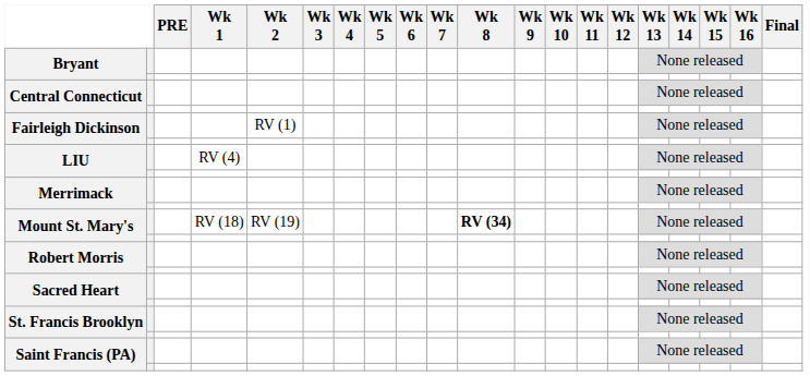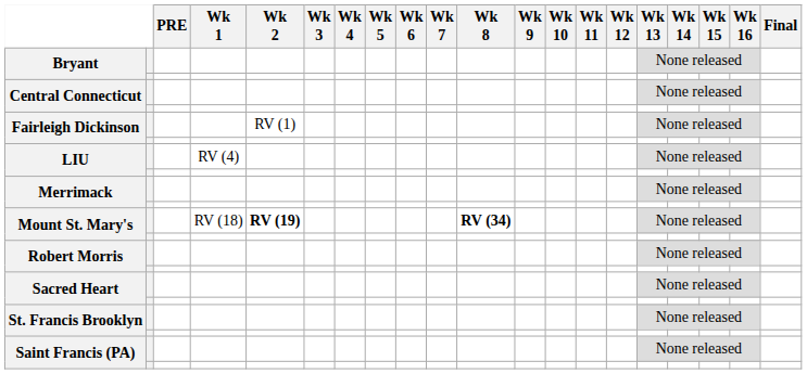 <table class="wikitable" style="white-space:nowrap;font-size:90%;">
 <tr>
 <th colspan=2 style="background:white; border-top-style:hidden; border-left-style:hidden;"> </th>
 <th>PRE</th>
 <th>Wk<br> 1</th>
 <th>Wk<br>2</th>
 <th>Wk<br>3</th>
 <th>Wk<br>4</th>
 <th>Wk<br>5</th>
 <th>Wk<br>6</th>
 <th>Wk<br>7</th>
 <th>Wk<br>8</th>
 <th>Wk<br>9</th>
 <th>Wk<br>10</th>
 <th>Wk<br>11</th>
 <th>Wk<br>12</th>
 <th>Wk<br>13</th>
 <th>Wk<br>14</th>
 <th>Wk<br>15</th>
 <th>Wk<br>16</th>
 <th>Final</th>
 </tr>
 <tr style="text-align:center;">
 <th rowspan=2  style=>Bryant</th>
 <th></th>
 <td style="background:#FFF;"></td>
 <td style="background:#FFF;"></td>
 <td style="background:#FFF;"></td>
 <td style="background:#FFF;"></td>
 <td style="background:#FFF;"></td>
 <td style="background:#FFF;"></td>
 <td style="background:#FFF;"></td>
 <td style="background:#FFF;"></td>
 <td style="background:#FFF;"></td>
 <td style="background:#FFF;"></td>
 <td style="background:#FFF;"></td>
 <td style="background:#FFF;"></td>
 <td style="background:#FFF;"></td>
 <td colspan="4" style="background:#DDD;">None released</td>
 <td style="background:#FFF;"></td>
 </tr>
 <tr>
 <th></th>
 <td style="background:#FFF;"></td>
 <td style="background:#FFF;"></td>
 <td style="background:#FFF;"></td>
 <td style="background:#FFF;"></td>
 <td style="background:#FFF;"></td>
 <td style="background:#FFF;"></td>
 <td style="background:#FFF;"></td>
 <td style="background:#FFF;"></td>
 <td style="background:#FFF;"></td>
 <td style="background:#FFF;"></td>
 <td style="background:#FFF;"></td>
 <td style="background:#FFF;"></td>
 <td style="background:#FFF;"></td>
 <td style="background:#FFF;"></td>
 <td style="background:#FFF;"></td>
 <td style="background:#FFF;"></td>
 <td style="background:#FFF;"></td>
 <td style="background:#FFF;"></td>
 </tr>
 <tr style="text-align:center;">
 <th rowspan=2  style=>Central Connecticut</th>
 <th></th>
 <td style="background:#FFF;"></td>
 <td style="background:#FFF;"></td>
 <td style="background:#FFF;"></td>
 <td style="background:#FFF;"></td>
 <td style="background:#FFF;"></td>
 <td style="background:#FFF;"></td>
 <td style="background:#FFF;"></td>
 <td style="background:#FFF;"></td>
 <td style="background:#FFF;"></td>
 <td style="background:#FFF;"></td>
 <td style="background:#FFF;"></td>
 <td style="background:#FFF;"></td>
 <td style="background:#FFF;"></td>
 <td colspan="4" style="background:#DDD;">None released</td>
 <td style="background:#FFF;"></td>
 </tr>
 <tr>
 <th></th>
 <td style="background:#FFF;"></td>
 <td style="background:#FFF;"></td>
 <td style="background:#FFF;"></td>
 <td style="background:#FFF;"></td>
 <td style="background:#FFF;"></td>
 <td style="background:#FFF;"></td>
 <td style="background:#FFF;"></td>
 <td style="background:#FFF;"></td>
 <td style="background:#FFF;"></td>
 <td style="background:#FFF;"></td>
 <td style="background:#FFF;"></td>
 <td style="background:#FFF;"></td>
 <td style="background:#FFF;"></td>
 <td style="background:#FFF;"></td>
 <td style="background:#FFF;"></td>
 <td style="background:#FFF;"></td>
 <td style="background:#FFF;"></td>
 <td style="background:#FFF;"></td>
 </tr>
 <tr style="text-align:center;">
 <th rowspan=2  style=>Fairleigh Dickinson</th>
 <th></th>
 <td style="background:#FFF;"></td>
 <td style="background:#FFF;"></td>
 <td style="background:#FFF;"> RV (1)</td>
 <td style="background:#FFF;"></td>
 <td style="background:#FFF;"></td>
 <td style="background:#FFF;"></td>
 <td style="background:#FFF;"></td>
 <td style="background:#FFF;"></td>
 <td style="background:#FFF;"></td>
 <td style="background:#FFF;"></td>
 <td style="background:#FFF;"></td>
 <td style="background:#FFF;"></td>
 <td style="background:#FFF;"></td>
 <td colspan="4" style="background:#DDD;">None released</td>
 <td style="background:#FFF;"></td>
 </tr>
 <tr>
 <th></th>
 <td style="background:#FFF;"></td>
 <td style="background:#FFF;"></td>
 <td style="background:#FFF;"></td>
 <td style="background:#FFF;"></td>
 <td style="background:#FFF;"></td>
 <td style="background:#FFF;"></td>
 <td style="background:#FFF;"></td>
 <td style="background:#FFF;"></td>
 <td style="background:#FFF;"></td>
 <td style="background:#FFF;"></td>
 <td style="background:#FFF;"></td>
 <td style="background:#FFF;"></td>
 <td style="background:#FFF;"></td>
 <td style="background:#FFF;"></td>
 <td style="background:#FFF;"></td>
 <td style="background:#FFF;"></td>
 <td style="background:#FFF;"></td>
 <td style="background:#FFF;"></td>
 </tr>
 <tr style="text-align:center;">
 <th rowspan=2  style=>LIU</th>
 <th></th>
 <td style="background:#FFF;"></td>
 <td style="background:#FFF;"> RV (4)</td>
 <td style="background:#FFF;"></td>
 <td style="background:#FFF;"></td>
 <td style="background:#FFF;"></td>
 <td style="background:#FFF;"></td>
 <td style="background:#FFF;"></td>
 <td style="background:#FFF;"></td>
 <td style="background:#FFF;"></td>
 <td style="background:#FFF;"></td>
 <td style="background:#FFF;"></td>
 <td style="background:#FFF;"></td>
 <td style="background:#FFF;"></td>
 <td colspan="4" style="background:#DDD;">None released</td>
 <td style="background:#FFF;"></td>
 </tr>
 <tr>
 <th></th>
 <td style="background:#FFF;"></td>
 <td style="background:#FFF;"></td>
 <td style="background:#FFF;"></td>
 <td style="background:#FFF;"></td>
 <td style="background:#FFF;"></td>
 <td style="background:#FFF;"></td>
 <td style="background:#FFF;"></td>
 <td style="background:#FFF;"></td>
 <td style="background:#FFF;"></td>
 <td style="background:#FFF;"></td>
 <td style="background:#FFF;"></td>
 <td style="background:#FFF;"></td>
 <td style="background:#FFF;"></td>
 <td style="background:#FFF;"></td>
 <td style="background:#FFF;"></td>
 <td style="background:#FFF;"></td>
 <td style="background:#FFF;"></td>
 <td style="background:#FFF;"></td>
 </tr>
 <tr style="text-align:center;">
 <th rowspan=2  style=>Merrimack</th>
 <th></th>
 <td style="background:#FFF;"></td>
 <td style="background:#FFF;"></td>
 <td style="background:#FFF;"></td>
 <td style="background:#FFF;"></td>
 <td style="background:#FFF;"></td>
 <td style="background:#FFF;"></td>
 <td style="background:#FFF;"></td>
 <td style="background:#FFF;"></td>
 <td style="background:#FFF;"></td>
 <td style="background:#FFF;"></td>
 <td style="background:#FFF;"></td>
 <td style="background:#FFF;"></td>
 <td style="background:#FFF;"></td>
 <td colspan="4" style="background:#DDD;">None released</td>
 <td style="background:#FFF;"></td>
 </tr>
 <tr>
 <th></th>
 <td style="background:#FFF;"></td>
 <td style="background:#FFF;"></td>
 <td style="background:#FFF;"></td>
 <td style="background:#FFF;"></td>
 <td style="background:#FFF;"></td>
 <td style="background:#FFF;"></td>
 <td style="background:#FFF;"></td>
 <td style="background:#FFF;"></td>
 <td style="background:#FFF;"></td>
 <td style="background:#FFF;"></td>
 <td style="background:#FFF;"></td>
 <td style="background:#FFF;"></td>
 <td style="background:#FFF;"></td>
 <td style="background:#FFF;"></td>
 <td style="background:#FFF;"></td>
 <td style="background:#FFF;"></td>
 <td style="background:#FFF;"></td>
 <td style="background:#FFF;"></td>
 </tr>
 <tr style="text-align:center;">
 <th rowspan=2  style=>Mount St. Mary's</th>
 <th></th>
 <td style="background:#FFF;"></td>
 <td style="background:#FFF;"> RV (18)</td>
-<td style="background:#FFF;"> RV (19)</td>
+<td style="background:#FFF;"><strong> RV (19)</strong></td>
 <td style="background:#FFF;"></td>
 <td style="background:#FFF;"></td>
 <td style="background:#FFF;"></td>
 <td style="background:#FFF;"></td>
 <td style="background:#FFF;"></td>
 <td style="background:#FFF;"><strong> RV (34)</strong></td>
 <td style="background:#FFF;"></td>
 <td style="background:#FFF;"></td>
 <td style="background:#FFF;"></td>
 <td style="background:#FFF;"></td>
 <td colspan="4" style="background:#DDD;">None released</td>
 <td style="background:#FFF;"></td>
 </tr>
 <tr>
 <th></th>
 <td style="background:#FFF;"></td>
 <td style="background:#FFF;"></td>
 <td style="background:#FFF;"></td>
 <td style="background:#FFF;"></td>
 <td style="background:#FFF;"></td>
 <td style="background:#FFF;"></td>
 <td style="background:#FFF;"></td>
 <td style="background:#FFF;"></td>
 <td style="background:#FFF;"></td>
 <td style="background:#FFF;"></td>
 <td style="background:#FFF;"></td>
 <td style="background:#FFF;"></td>
 <td style="background:#FFF;"></td>
 <td style="background:#FFF;"></td>
 <td style="background:#FFF;"></td>
 <td style="background:#FFF;"></td>
 <td style="background:#FFF;"></td>
 <td style="background:#FFF;"></td>
 </tr>
 <tr style="text-align:center;">
 <th rowspan=2  style=>Robert Morris</th>
 <th></th>
 <td style="background:#FFF;"></td>
 <td style="background:#FFF;"></td>
 <td style="background:#FFF;"></td>
 <td style="background:#FFF;"></td>
 <td style="background:#FFF;"></td>
 <td style="background:#FFF;"></td>
 <td style="background:#FFF;"></td>
 <td style="background:#FFF;"></td>
 <td style="background:#FFF;"></td>
 <td style="background:#FFF;"></td>
 <td style="background:#FFF;"></td>
 <td style="background:#FFF;"></td>
 <td style="background:#FFF;"></td>
 <td colspan="4" style="background:#DDD;">None released</td>
 <td style="background:#FFF;"></td>
 </tr>
 <tr>
 <th></th>
 <td style="background:#FFF;"></td>
 <td style="background:#FFF;"></td>
 <td style="background:#FFF;"></td>
 <td style="background:#FFF;"></td>
 <td style="background:#FFF;"></td>
 <td style="background:#FFF;"></td>
 <td style="background:#FFF;"></td>
 <td style="background:#FFF;"></td>
 <td style="background:#FFF;"></td>
 <td style="background:#FFF;"></td>
 <td style="background:#FFF;"></td>
 <td style="background:#FFF;"></td>
 <td style="background:#FFF;"></td>
 <td style="background:#FFF;"></td>
 <td style="background:#FFF;"></td>
 <td style="background:#FFF;"></td>
 <td style="background:#FFF;"></td>
 <td style="background:#FFF;"></td>
 </tr>
 <tr style="text-align:center;">
 <th rowspan=2  style=>Sacred Heart</th>
 <th></th>
 <td style="background:#FFF;"></td>
 <td style="background:#FFF;"></td>
 <td style="background:#FFF;"></td>
 <td style="background:#FFF;"></td>
 <td style="background:#FFF;"></td>
 <td style="background:#FFF;"></td>
 <td style="background:#FFF;"></td>
 <td style="background:#FFF;"></td>
 <td style="background:#FFF;"></td>
 <td style="background:#FFF;"></td>
 <td style="background:#FFF;"></td>
 <td style="background:#FFF;"></td>
 <td style="background:#FFF;"></td>
 <td colspan="4" style="background:#DDD;">None released</td>
 <td style="background:#FFF;"></td>
 </tr>
 <tr>
 <th></th>
 <td style="background:#FFF;"></td>
 <td style="background:#FFF;"></td>
 <td style="background:#FFF;"></td>
 <td style="background:#FFF;"></td>
 <td style="background:#FFF;"></td>
 <td style="background:#FFF;"></td>
 <td style="background:#FFF;"></td>
 <td style="background:#FFF;"></td>
 <td style="background:#FFF;"></td>
 <td style="background:#FFF;"></td>
 <td style="background:#FFF;"></td>
 <td style="background:#FFF;"></td>
 <td style="background:#FFF;"></td>
 <td style="background:#FFF;"></td>
 <td style="background:#FFF;"></td>
 <td style="background:#FFF;"></td>
 <td style="background:#FFF;"></td>
 <td style="background:#FFF;"></td>
 </tr>
 <tr style="text-align:center;">
 <th rowspan=2 style="background:#">St. Francis Brooklyn</th>
 <th></th>
 <td style="background:#FFF;"></td>
 <td style="background:#FFF;"></td>
 <td style="background:#FFF;"></td>
 <td style="background:#FFF;"></td>
 <td style="background:#FFF;"></td>
 <td style="background:#FFF;"></td>
 <td style="background:#FFF;"></td>
 <td style="background:#FFF;"></td>
 <td style="background:#FFF;"></td>
 <td style="background:#FFF;"></td>
 <td style="background:#FFF;"></td>
 <td style="background:#FFF;"></td>
 <td style="background:#FFF;"></td>
 <td colspan="4" style="background:#DDD;">None released</td>
 <td style="background:#FFF;"></td>
 </tr>
 <tr>
 <th></th>
 <td style="background:#FFF;"></td>
 <td style="background:#FFF;"></td>
 <td style="background:#FFF;"></td>
 <td style="background:#FFF;"></td>
 <td style="background:#FFF;"></td>
 <td style="background:#FFF;"></td>
 <td style="background:#FFF;"></td>
 <td style="background:#FFF;"></td>
 <td style="background:#FFF;"></td>
 <td style="background:#FFF;"></td>
 <td style="background:#FFF;"></td>
 <td style="background:#FFF;"></td>
 <td style="background:#FFF;"></td>
 <td style="background:#FFF;"></td>
 <td style="background:#FFF;"></td>
 <td style="background:#FFF;"></td>
 <td style="background:#FFF;"></td>
 <td style="background:#FFF;"></td>
 </tr>
 <tr style="text-align:center;">
 <th rowspan=2 style="background:#">Saint Francis (PA)</th>
 <th></th>
 <td style="background:#FFF;"></td>
 <td style="background:#FFF;"></td>
 <td style="background:#FFF;"></td>
 <td style="background:#FFF;"></td>
 <td style="background:#FFF;"></td>
 <td style="background:#FFF;"></td>
 <td style="background:#FFF;"></td>
 <td style="background:#FFF;"></td>
 <td style="background:#FFF;"></td>
 <td style="background:#FFF;"></td>
 <td style="background:#FFF;"></td>
 <td style="background:#FFF;"></td>
 <td style="background:#FFF;"></td>
 <td colspan="4" style="background:#DDD;">None released</td>
 <td style="background:#FFF;"></td>
 </tr>
 <tr>
 <th></th>
 <td style="background:#FFF;"></td>
 <td style="background:#FFF;"></td>
 <td style="background:#FFF;"></td>
 <td style="background:#FFF;"></td>
 <td style="background:#FFF;"></td>
 <td style="background:#FFF;"></td>
 <td style="background:#FFF;"></td>
 <td style="background:#FFF;"></td>
 <td style="background:#FFF;"></td>
 <td style="background:#FFF;"></td>
 <td style="background:#FFF;"></td>
 <td style="background:#FFF;"></td>
 <td style="background:#FFF;"></td>
 <td style="background:#FFF;"></td>
 <td style="background:#FFF;"></td>
 <td style="background:#FFF;"></td>
 <td style="background:#FFF;"></td>
 <td style="background:#FFF;"></td>
 </tr>
 </table>
